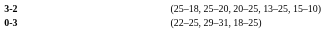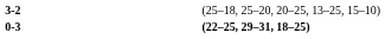 <table width=100% cellspacing=1>
 <tr>
 <th width=20%></th>
 <th width=12%></th>
 <th width=20%></th>
 <th width=33%></th>
 <td></td>
 </tr>
 <tr style=font-size:90%>
 <td align=right></td>
 <td align=center><strong>3-2</strong></td>
 <td></td>
 <td>(25–18, 25–20, 20–25, 13–25, 15–10)</td>
 <td></td>
 </tr>
 <tr style=font-size:90%>
 <td align=right></td>
 <td align=center><strong>0-3</strong></td>
 <td></td>
-<td>(22–25, 29–31, 18–25)</td>
+<td><strong>(22–25, 29–31, 18–25)</strong></td>
 </tr>
 </table>
